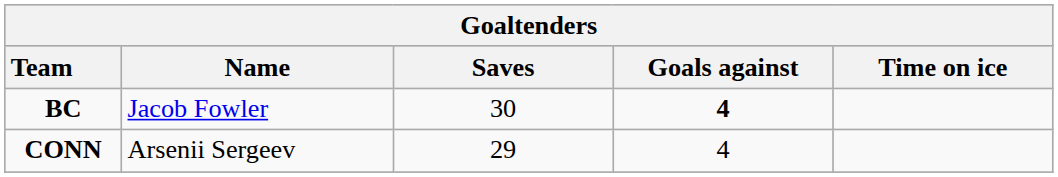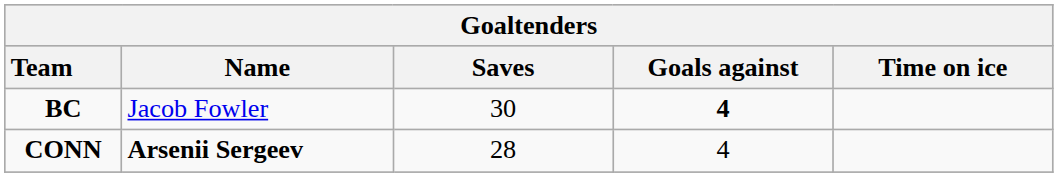 <table class="wikitable" style="width:40em; text-align:right;">
 <tr>
 <th colspan=5>Goaltenders</th>
 </tr>
 <tr>
 <th style="width:4em; text-align:left;">Team</th>
 <th style="width:10em;">Name</th>
 <th style="width:8em;">Saves</th>
 <th style="width:8em;">Goals against</th>
 <th style="width:8em;">Time on ice</th>
 </tr>
 <tr>
 <td align=center><strong>BC</strong></td>
 <td style="text-align:left;"><a href='#'>Jacob Fowler</a></td>
 <td align=center>30</td>
 <td align=center><strong>4</strong></td>
 <td align=center></td>
 </tr>
 <tr>
 <td align=center><strong>CONN</strong></td>
-<td style="text-align:left;">Arsenii Sergeev</td>
-<td align=center>29</td>
+<td style="text-align:left;"><strong>Arsenii Sergeev</strong></td>
+<td align=center>28</td>
 <td align=center>4</td>
 <td align=center></td>
 </tr>
 </table>
